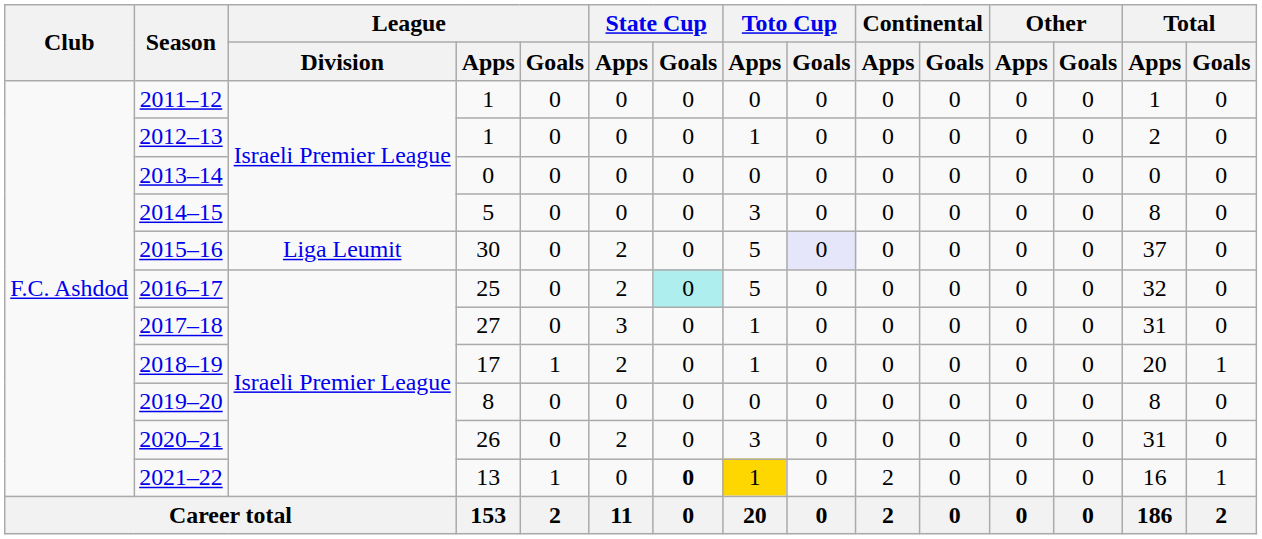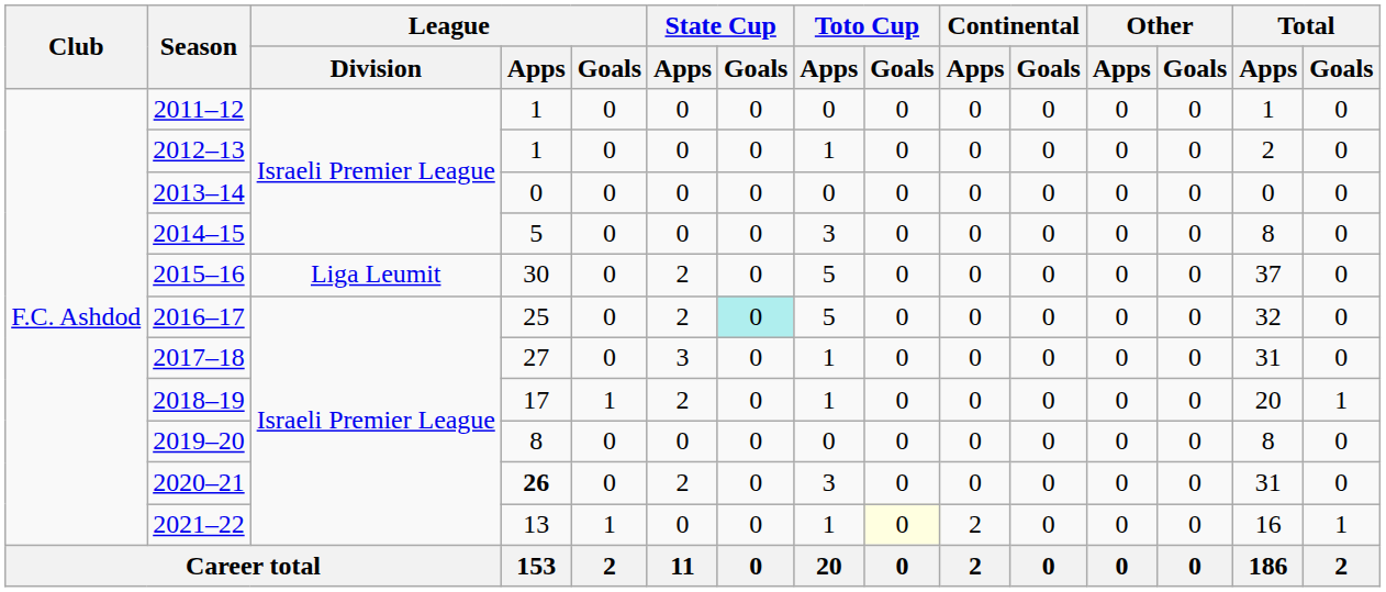 <table class="wikitable" style="text-align: center">
 <tr>
 <th rowspan="2">Club</th>
 <th rowspan="2">Season</th>
 <th colspan="3">League</th>
 <th colspan="2"><a href='#'>State Cup</a></th>
 <th colspan="2"><a href='#'>Toto Cup</a></th>
 <th colspan="2">Continental</th>
 <th colspan="2">Other</th>
 <th colspan="2">Total</th>
 </tr>
 <tr>
 <th>Division</th>
 <th>Apps</th>
 <th>Goals</th>
 <th>Apps</th>
 <th>Goals</th>
 <th>Apps</th>
 <th>Goals</th>
 <th>Apps</th>
 <th>Goals</th>
 <th>Apps</th>
 <th>Goals</th>
 <th>Apps</th>
 <th>Goals</th>
 </tr>
 <tr>
 <td rowspan="11"><a href='#'>F.C. Ashdod</a></td>
 <td><a href='#'>2011–12</a></td>
 <td rowspan="4"><a href='#'>Israeli Premier League</a></td>
 <td>1</td>
 <td>0</td>
 <td>0</td>
 <td>0</td>
 <td>0</td>
 <td>0</td>
 <td>0</td>
 <td>0</td>
 <td>0</td>
 <td>0</td>
 <td>1</td>
 <td>0</td>
 </tr>
 <tr>
 <td><a href='#'>2012–13</a></td>
 <td>1</td>
 <td>0</td>
 <td>0</td>
 <td>0</td>
 <td>1</td>
 <td>0</td>
 <td>0</td>
 <td>0</td>
 <td>0</td>
 <td>0</td>
 <td>2</td>
 <td>0</td>
 </tr>
 <tr>
 <td><a href='#'>2013–14</a></td>
 <td>0</td>
 <td>0</td>
 <td>0</td>
 <td>0</td>
 <td>0</td>
 <td>0</td>
 <td>0</td>
 <td>0</td>
 <td>0</td>
 <td>0</td>
 <td>0</td>
 <td>0</td>
 </tr>
 <tr>
 <td><a href='#'>2014–15</a></td>
 <td>5</td>
 <td>0</td>
 <td>0</td>
 <td>0</td>
 <td>3</td>
 <td>0</td>
 <td>0</td>
 <td>0</td>
 <td>0</td>
 <td>0</td>
 <td>8</td>
 <td>0</td>
 </tr>
 <tr>
 <td><a href='#'>2015–16</a></td>
 <td rowspan="1"><a href='#'>Liga Leumit</a></td>
 <td>30</td>
 <td>0</td>
 <td>2</td>
 <td>0</td>
 <td>5</td>
-<td style="background: lavender;">0</td>
+<td>0</td>
 <td>0</td>
 <td>0</td>
 <td>0</td>
 <td>0</td>
 <td>37</td>
 <td>0</td>
 </tr>
 <tr>
 <td><a href='#'>2016–17</a></td>
 <td rowspan="6"><a href='#'>Israeli Premier League</a></td>
 <td>25</td>
 <td>0</td>
 <td>2</td>
 <td style="background: paleturquoise;">0</td>
 <td>5</td>
 <td>0</td>
 <td>0</td>
 <td>0</td>
 <td>0</td>
 <td>0</td>
 <td>32</td>
 <td>0</td>
 </tr>
 <tr>
 <td><a href='#'>2017–18</a></td>
 <td>27</td>
 <td>0</td>
 <td>3</td>
 <td>0</td>
 <td>1</td>
 <td>0</td>
 <td>0</td>
 <td>0</td>
 <td>0</td>
 <td>0</td>
 <td>31</td>
 <td>0</td>
 </tr>
 <tr>
 <td><a href='#'>2018–19</a></td>
 <td>17</td>
 <td>1</td>
 <td>2</td>
 <td>0</td>
 <td>1</td>
 <td>0</td>
 <td>0</td>
 <td>0</td>
 <td>0</td>
 <td>0</td>
 <td>20</td>
 <td>1</td>
 </tr>
 <tr>
 <td><a href='#'>2019–20</a></td>
 <td>8</td>
 <td>0</td>
 <td>0</td>
 <td>0</td>
 <td>0</td>
 <td>0</td>
 <td>0</td>
 <td>0</td>
 <td>0</td>
 <td>0</td>
 <td>8</td>
 <td>0</td>
 </tr>
 <tr>
 <td><a href='#'>2020–21</a></td>
-<td>26</td>
+<td><strong>26</strong></td>
 <td>0</td>
 <td>2</td>
 <td>0</td>
 <td>3</td>
 <td>0</td>
 <td>0</td>
 <td>0</td>
 <td>0</td>
 <td>0</td>
 <td>31</td>
 <td>0</td>
 </tr>
 <tr>
 <td><a href='#'>2021–22</a></td>
 <td>13</td>
 <td>1</td>
 <td>0</td>
-<td><strong>0</strong></td>
-<td style="background: gold;">1</td>
 <td>0</td>
+<td>1</td>
+<td style="background: lightyellow;">0</td>
 <td>2</td>
 <td>0</td>
 <td>0</td>
 <td>0</td>
 <td>16</td>
 <td>1</td>
 </tr>
 <tr>
 <th colspan="3"><strong>Career total</strong></th>
 <th>153</th>
 <th>2</th>
 <th>11</th>
 <th>0</th>
 <th>20</th>
 <th>0</th>
 <th>2</th>
 <th>0</th>
 <th>0</th>
 <th>0</th>
 <th>186</th>
 <th>2</th>
 </tr>
 </table>
